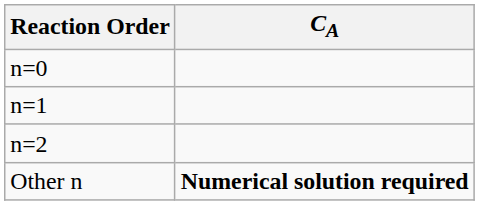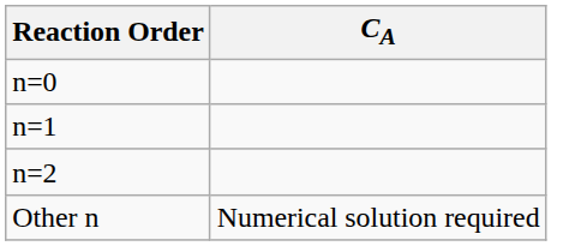 <table class="wikitable">
 <tr>
 <th>Reaction Order</th>
 <th><em>C<sub>A</sub></em></th>
 </tr>
 <tr>
 <td>n=0</td>
 <td></td>
 </tr>
 <tr>
 <td>n=1</td>
 <td></td>
 </tr>
 <tr>
 <td>n=2</td>
 <td></td>
 </tr>
 <tr>
 <td>Other n</td>
-<td><strong>Numerical solution required<br></strong></td>
+<td>Numerical solution required<br></td>
 </tr>
 </table>
